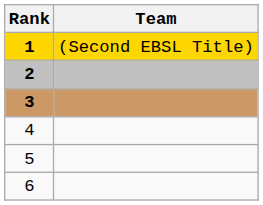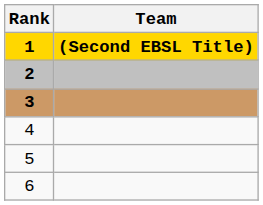 <table class="wikitable" style="text-align:center">
 <tr>
 <th>Rank</th>
 <th>Team</th>
 </tr>
 <tr bgcolor="gold">
 <td><strong>1</strong></td>
-<td align="left"> (Second EBSL Title)</td>
+<td align="left"><strong> (Second EBSL Title)</strong></td>
 </tr>
 <tr bgcolor="silver">
 <td><strong>2</strong></td>
 <td align="left"></td>
 </tr>
 <tr bgcolor="#CC9966">
 <td><strong>3</strong></td>
 <td align="left"></td>
 </tr>
 <tr>
 <td>4</td>
 <td align="left"></td>
 </tr>
 <tr>
 <td>5</td>
 <td align="left"></td>
 </tr>
 <tr>
 <td>6</td>
 <td align="left"></td>
 </tr>
 </table>
